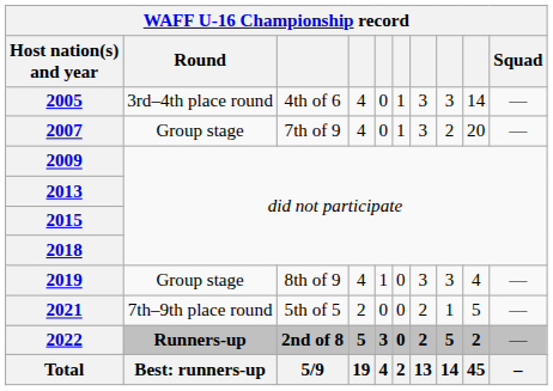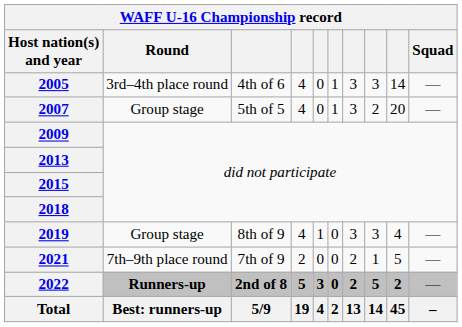 <table class="wikitable" style="font-size:90%; text-align:center;">
 <tr>
 <th colspan=10><a href='#'>WAFF U-16 Championship</a> record</th>
 </tr>
 <tr>
 <th scope="col">Host nation(s)<br>and year</th>
 <th scope="col">Round</th>
 <th scope="col"></th>
 <th scope="col"></th>
 <th scope="col"></th>
 <th scope="col"></th>
 <th scope="col"></th>
 <th scope="col"></th>
 <th scope="col"></th>
 <th scope="col">Squad</th>
 </tr>
 <tr>
 <th scope="row"> <a href='#'>2005</a></th>
 <td>3rd–4th place round</td>
 <td>4th of 6</td>
 <td>4</td>
 <td>0</td>
 <td>1</td>
 <td>3</td>
 <td>3</td>
 <td>14</td>
 <td>—</td>
 </tr>
 <tr>
 <th> <a href='#'>2007</a></th>
 <td>Group stage</td>
-<td>7th of 9</td>
+<td>5th of 5</td>
 <td>4</td>
 <td>0</td>
 <td>1</td>
 <td>3</td>
 <td>2</td>
 <td>20</td>
 <td>—</td>
 </tr>
 <tr>
 <th> <a href='#'>2009</a></th>
 <td colspan="9" rowspan="4"><em>did not participate</em></td>
 </tr>
 <tr>
 <th> <a href='#'>2013</a></th>
 </tr>
 <tr>
 <th> <a href='#'>2015</a></th>
 </tr>
 <tr>
 <th> <a href='#'>2018</a></th>
 </tr>
 <tr>
 <th> <a href='#'>2019</a></th>
 <td>Group stage</td>
 <td>8th of 9</td>
 <td>4</td>
 <td>1</td>
 <td>0</td>
 <td>3</td>
 <td>3</td>
 <td>4</td>
 <td>—</td>
 </tr>
 <tr>
 <th> <a href='#'>2021</a></th>
 <td>7th–9th place round</td>
-<td>5th of 5</td>
+<td>7th of 9</td>
 <td>2</td>
 <td>0</td>
 <td>0</td>
 <td>2</td>
 <td>1</td>
 <td>5</td>
 <td>—</td>
 </tr>
 <tr bgcolor=silver>
 <th> <a href='#'>2022</a></th>
 <td><strong>Runners-up</strong></td>
 <td><strong>2nd of 8</strong></td>
 <td><strong>5</strong></td>
 <td><strong>3</strong></td>
 <td><strong>0</strong></td>
 <td><strong>2</strong></td>
 <td><strong>5</strong></td>
 <td><strong>2</strong></td>
 <td>—</td>
 </tr>
 <tr>
 <th>Total</th>
 <th>Best: runners-up</th>
 <th>5/9</th>
 <th>19</th>
 <th>4</th>
 <th>2</th>
 <th>13</th>
 <th>14</th>
 <th>45</th>
 <th>–</th>
 </tr>
 </table>
